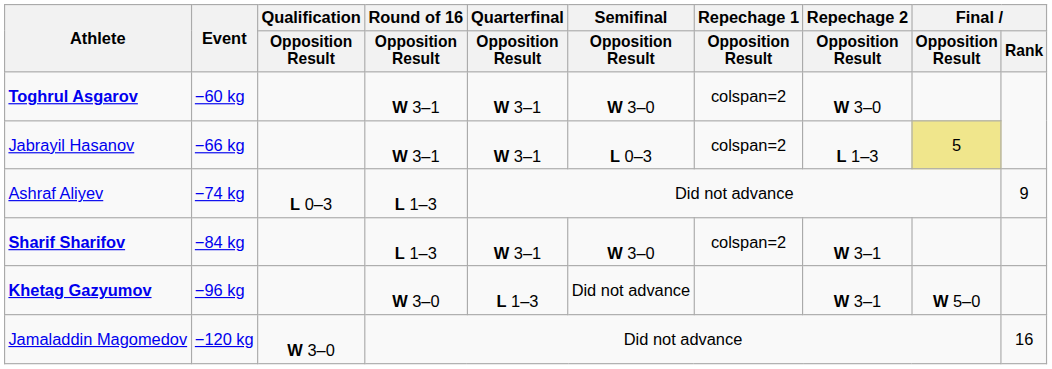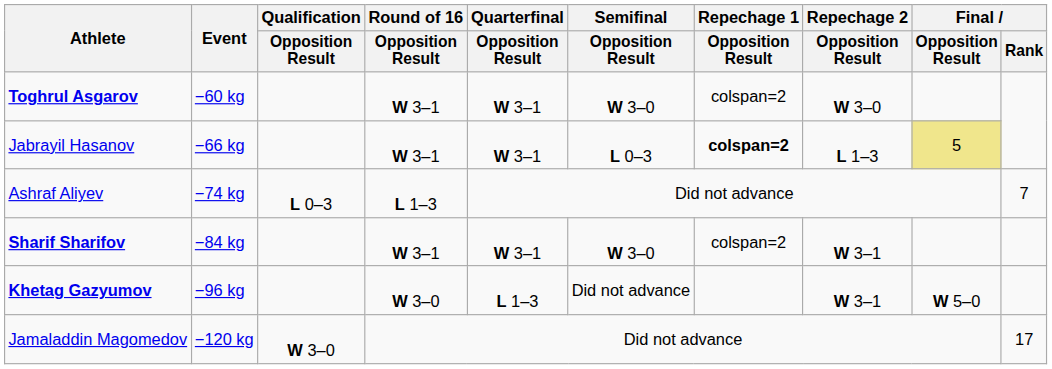 <table class="wikitable" style="font-size:90%">
 <tr>
 <th rowspan="2">Athlete</th>
 <th rowspan="2">Event</th>
 <th>Qualification</th>
 <th>Round of 16</th>
 <th>Quarterfinal</th>
 <th>Semifinal</th>
 <th>Repechage 1</th>
 <th>Repechage 2</th>
 <th colspan=2>Final / </th>
 </tr>
 <tr style="font-size: 95%">
 <th>Opposition<br>Result</th>
 <th>Opposition<br>Result</th>
 <th>Opposition<br>Result</th>
 <th>Opposition<br>Result</th>
 <th>Opposition<br>Result</th>
 <th>Opposition<br>Result</th>
 <th>Opposition<br>Result</th>
 <th>Rank</th>
 </tr>
 <tr align=center>
 <td align=left><strong><a href='#'>Toghrul Asgarov</a></strong></td>
 <td align=left><a href='#'>−60 kg</a></td>
 <td></td>
 <td><br><strong>W</strong> 3–1 <sup></sup></td>
 <td><br><strong>W</strong> 3–1 <sup></sup></td>
 <td><br><strong>W</strong> 3–0 <sup></sup></td>
 <td>colspan=2 </td>
 <td><br><strong>W</strong> 3–0 <sup></sup></td>
 <td></td>
 </tr>
 <tr align=center>
 <td align=left><a href='#'>Jabrayil Hasanov</a></td>
 <td align=left><a href='#'>−66 kg</a></td>
 <td></td>
 <td><br><strong>W</strong> 3–1 <sup></sup></td>
 <td><br><strong>W</strong> 3–1 <sup></sup></td>
 <td><br><strong>L</strong> 0–3 <sup></sup></td>
-<td>colspan=2 </td>
+<td><strong>colspan=2 </strong></td>
 <td><br><strong>L</strong> 1–3 <sup></sup></td>
 <td style="background: khaki;">5</td>
 </tr>
 <tr align=center>
 <td align=left><a href='#'>Ashraf Aliyev</a></td>
 <td align=left><a href='#'>−74 kg</a></td>
 <td><br><strong>L</strong> 0–3 <sup></sup></td>
 <td><br><strong>L</strong> 1–3 <sup></sup></td>
 <td colspan=5>Did not advance</td>
-<td>9</td>
+<td>7</td>
 </tr>
 <tr align=center>
 <td align=left><strong><a href='#'>Sharif Sharifov</a></strong></td>
 <td align=left><a href='#'>−84 kg</a></td>
 <td></td>
-<td><br><strong>L</strong> 1–3 <sup></sup></td>
+<td><br><strong>W</strong> 3–1 <sup></sup></td>
 <td><br><strong>W</strong> 3–1 <sup></sup></td>
 <td><br><strong>W</strong> 3–0 <sup></sup></td>
 <td>colspan=2 </td>
 <td><br><strong>W</strong> 3–1 <sup></sup></td>
 <td></td>
 </tr>
 <tr align=center>
 <td align=left><strong><a href='#'>Khetag Gazyumov</a></strong></td>
 <td align=left><a href='#'>−96 kg</a></td>
 <td></td>
 <td><br><strong>W</strong> 3–0 <sup></sup></td>
 <td><br><strong>L</strong> 1–3 <sup></sup></td>
 <td>Did not advance</td>
 <td></td>
 <td><br><strong>W</strong> 3–1 <sup></sup></td>
 <td><br><strong>W</strong> 5–0 <sup></sup></td>
 <td></td>
 </tr>
 <tr align=center>
 <td align=left><a href='#'>Jamaladdin Magomedov</a></td>
 <td align=left><a href='#'>−120 kg</a></td>
 <td><br><strong>W</strong> 3–0 <sup></sup></td>
 <td colspan=6>Did not advance</td>
-<td>16</td>
+<td>17</td>
 </tr>
 </table>
